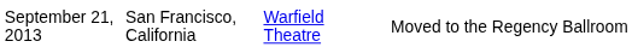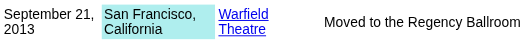 <table cellpadding="2" style="border:0 solid darkgrey; font-size:90%">
 <tr>
 <th style="width:150px;"></th>
 <th style="width:200px;"></th>
 <th style="width:200px;"></th>
 <th style="width:700px;"></th>
 </tr>
 <tr border="0">
 </tr>
 <tr>
 <td>September 21, 2013</td>
-<td>San Francisco, California</td>
+<td style="background: paleturquoise;">San Francisco, California</td>
 <td><a href='#'>Warfield Theatre</a></td>
 <td>Moved to the Regency Ballroom</td>
 </tr>
 <tr>
 </tr>
 </table>
